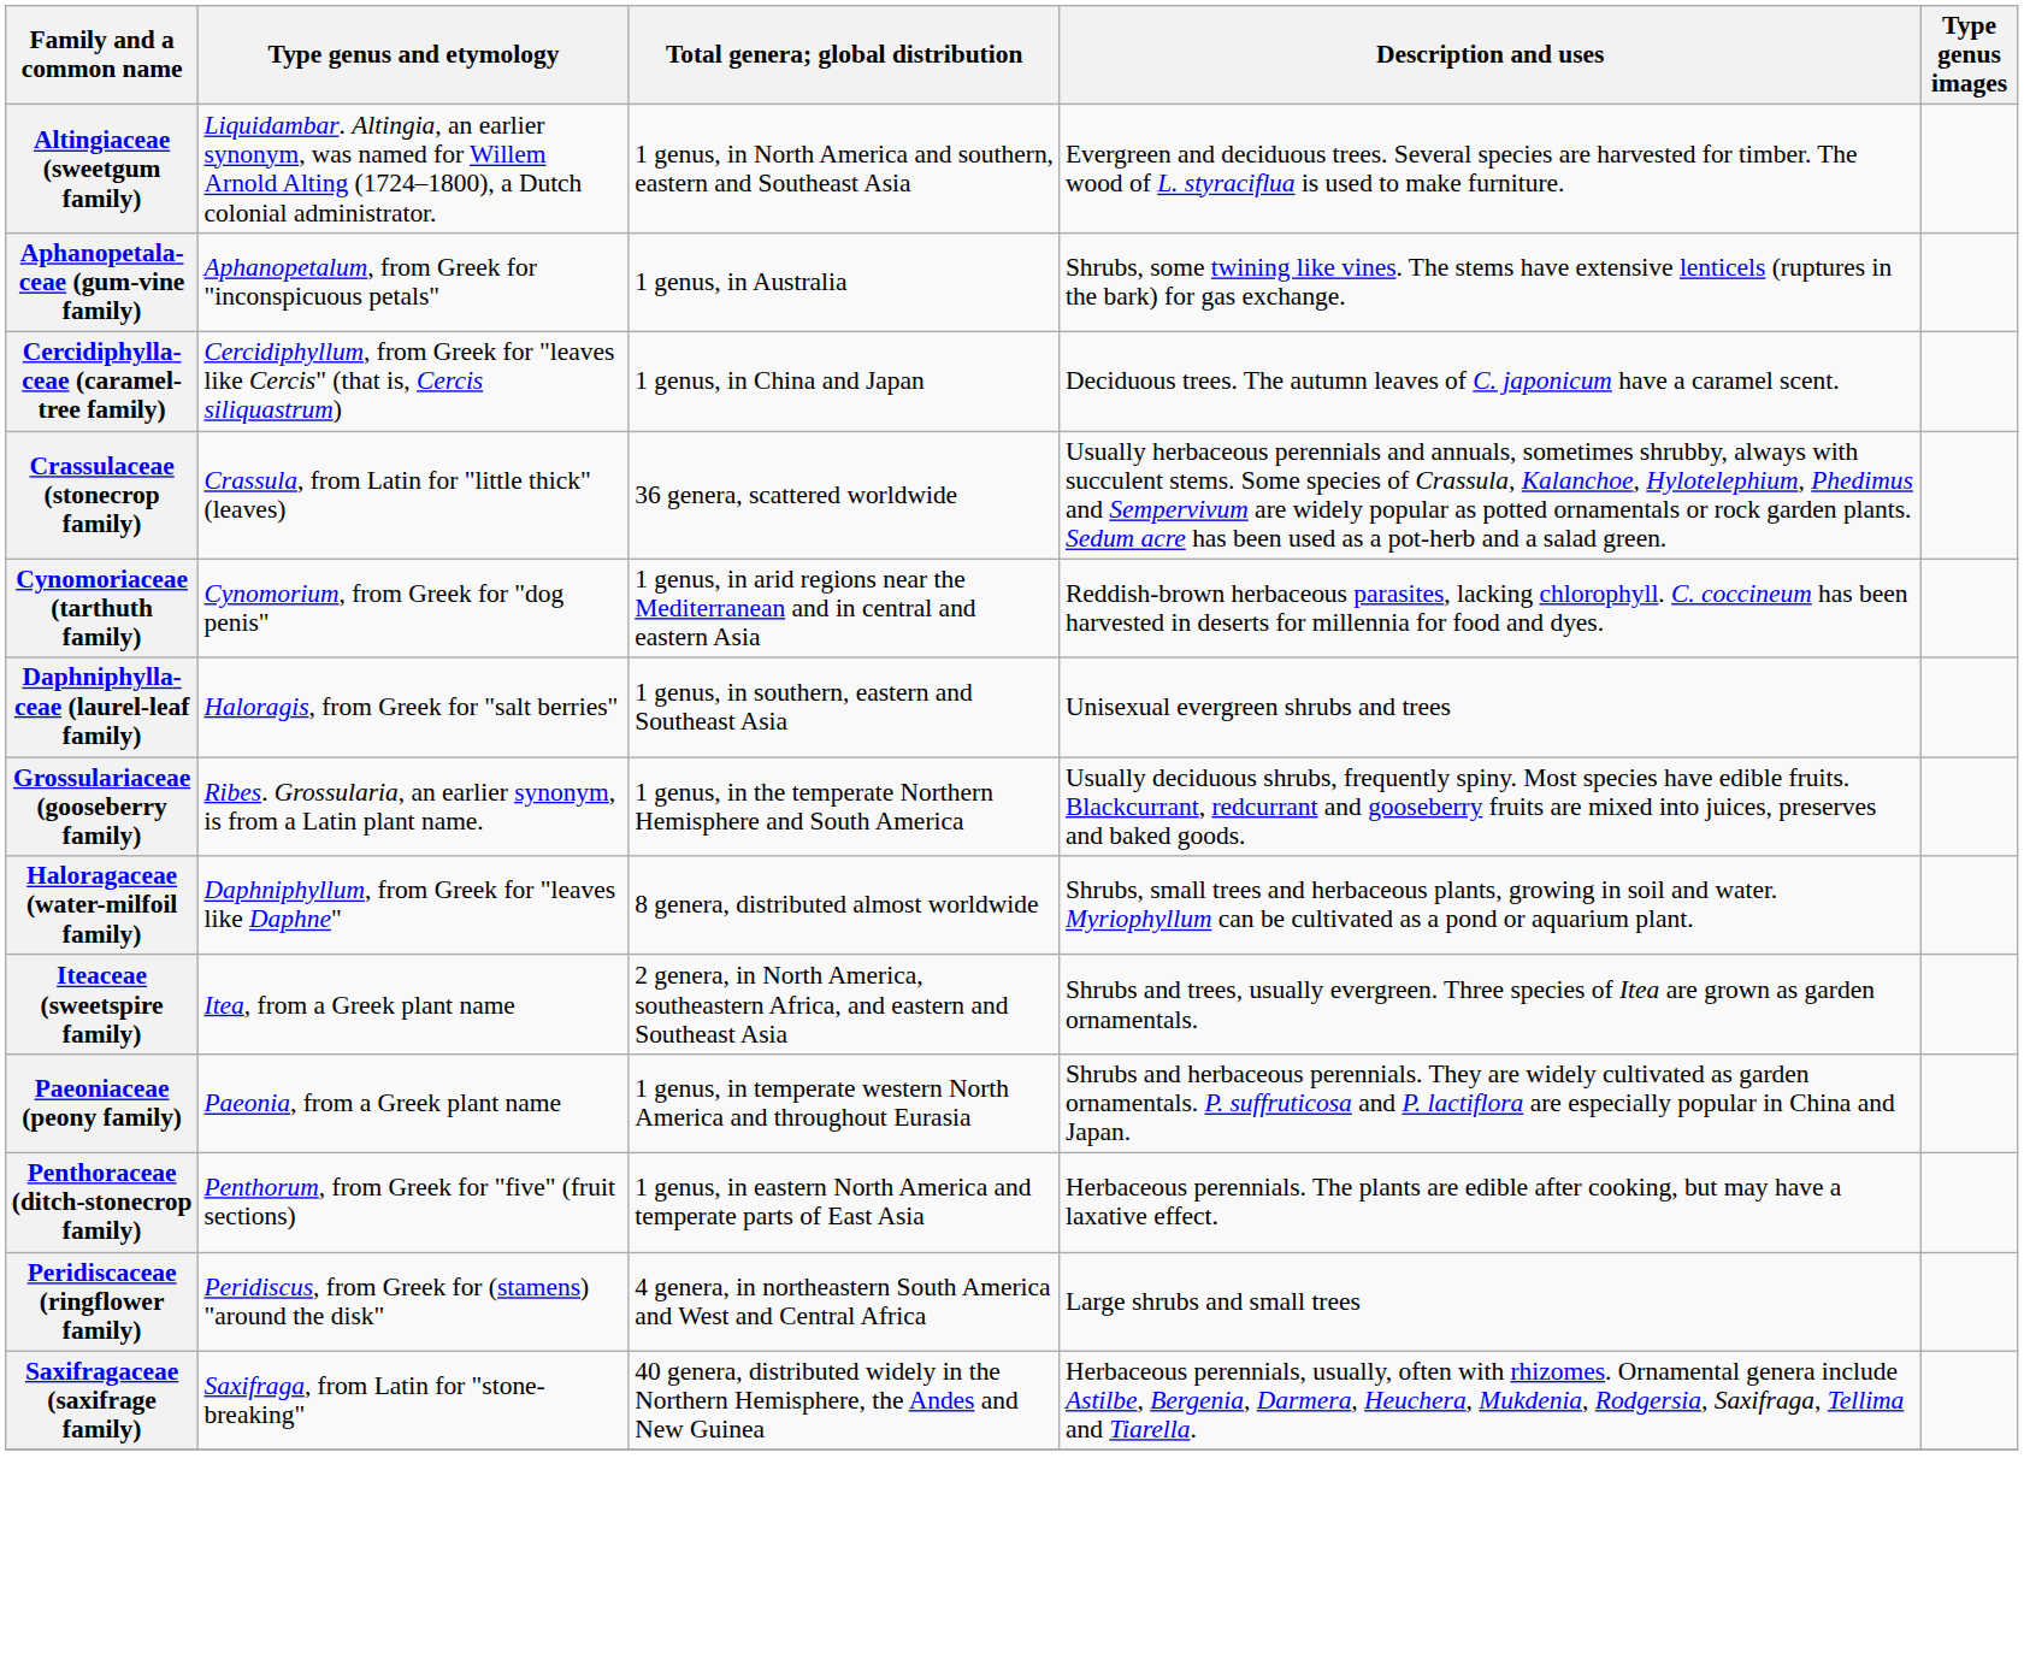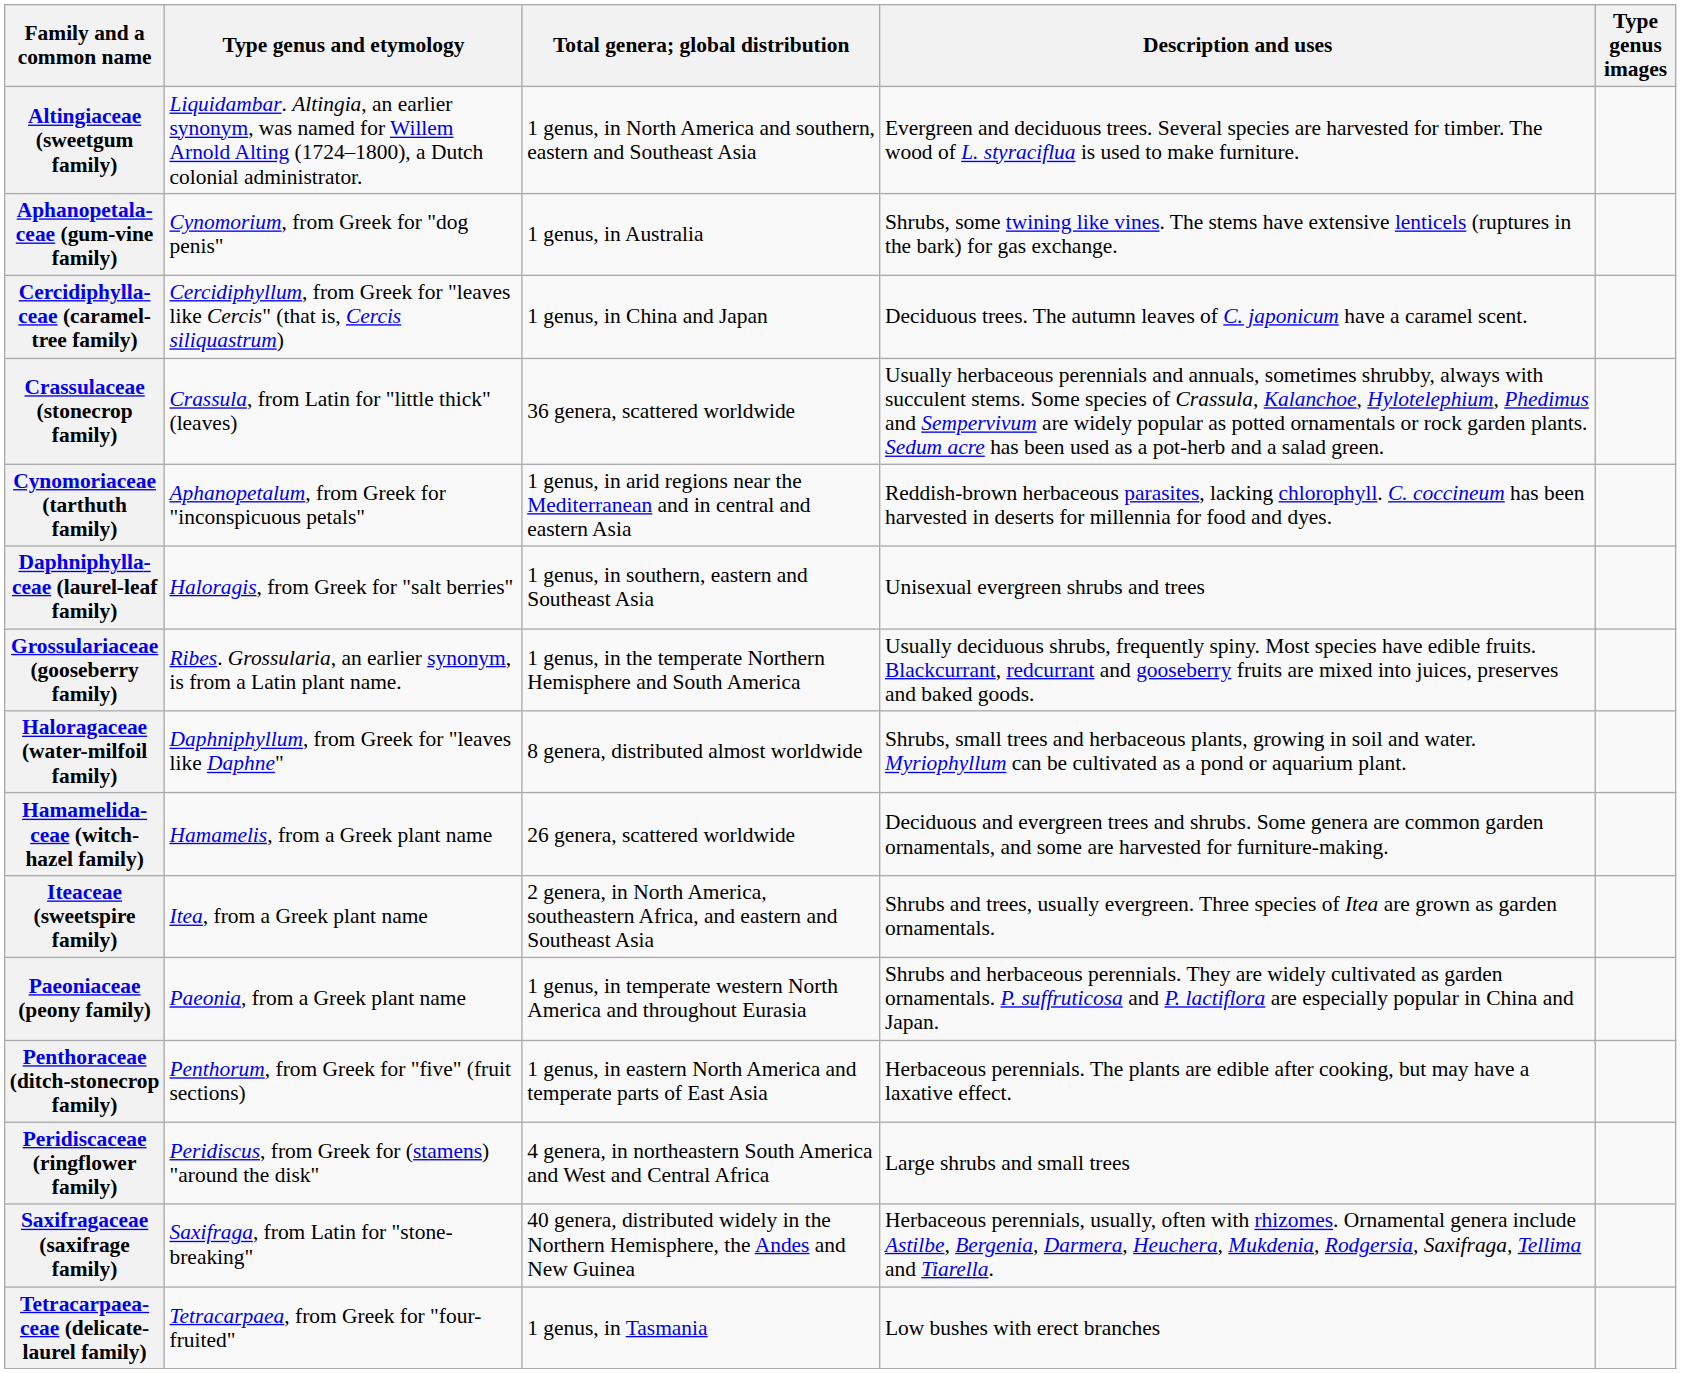 <table class="sortable wikitable plainrowheaders">
 <tr>
 <th scope="col" width="1%">Family and a common name</th>
 <th scope="col" width="15%">Type genus and etymology</th>
 <th scope="col" width="15%">Total genera; global distribution</th>
 <th scope="col" class=unsortable width="30%" style="min-width:160px;">Description and uses</th>
 <th scope="col" width="1%">Type genus images</th>
 </tr>
 <tr>
 <th scope="row"><a href='#'>Altingiaceae</a> (sweetgum family)</th>
 <td><em><a href='#'>Liquidambar</a></em>. <em>Altingia</em>, an earlier <a href='#'>synonym</a>, was named for <a href='#'>Willem Arnold Alting</a> (1724–1800), a Dutch colonial administrator.</td>
 <td>1 genus, in North America and southern, eastern and Southeast Asia</td>
 <td>Evergreen and deciduous trees. Several species are harvested for timber. The wood of <em><a href='#'>L. styraciflua</a></em> is used to make furniture.</td>
 <td></td>
 </tr>
 <tr>
 <th scope="row"><a href='#'>Aphanopetala­ceae</a> (gum-vine family)</th>
-<td><em><a href='#'>Aphanopetalum</a></em>, from Greek for "inconspicuous petals"</td>
+<td><em><a href='#'>Cynomorium</a></em>, from Greek for "dog penis"</td>
 <td>1 genus, in Australia</td>
 <td>Shrubs, some <a href='#'>twining like vines</a>. The stems have extensive <a href='#'>lenticels</a> (ruptures in the bark) for gas exchange.</td>
 <td></td>
 </tr>
 <tr>
 <th scope="row"><a href='#'>Cercidiphylla­ceae</a> (caramel-tree family)</th>
 <td><em><a href='#'>Cercidiphyllum</a></em>, from Greek for "leaves like <em>Cercis</em>" (that is, <em><a href='#'>Cercis siliquastrum</a></em>)</td>
 <td>1 genus, in China and Japan</td>
 <td>Deciduous trees. The autumn leaves of <em><a href='#'>C. japonicum</a></em> have a caramel scent.</td>
 <td></td>
 </tr>
 <tr>
 <th scope="row"><a href='#'>Crassulaceae</a> (stonecrop family)</th>
 <td><em><a href='#'>Crassula</a></em>, from Latin for "little thick" (leaves)</td>
 <td>36 genera, scattered worldwide</td>
 <td>Usually herbaceous perennials and annuals, sometimes shrubby, always with succulent stems. Some species of <em>Crassula, <a href='#'>Kalanchoe</a>, <a href='#'>Hylotelephium</a>, <a href='#'>Phedimus</a></em> and <em><a href='#'>Sempervivum</a></em> are widely popular as potted ornamentals or rock garden plants. <em><a href='#'>Sedum acre</a></em> has been used as a pot-herb and a salad green.</td>
 <td></td>
 </tr>
 <tr>
 <th scope="row"><a href='#'>Cynomoriaceae</a> (tarthuth family)</th>
-<td><em><a href='#'>Cynomorium</a></em>, from Greek for "dog penis"</td>
+<td><em><a href='#'>Aphanopetalum</a></em>, from Greek for "inconspicuous petals"</td>
 <td>1 genus, in arid regions near the <a href='#'>Mediterranean</a> and in central and eastern Asia</td>
 <td>Reddish-brown herbaceous <a href='#'>parasites</a>, lacking <a href='#'>chlorophyll</a>. <em><a href='#'>C. coccineum</a></em> has been harvested in deserts for millennia for food and dyes.</td>
 <td></td>
 </tr>
 <tr>
 <th scope="row"><a href='#'>Daphniphylla­ceae</a> (laurel-leaf family)</th>
 <td><em><a href='#'>Haloragis</a></em>, from Greek for "salt berries"</td>
 <td>1 genus, in southern, eastern and Southeast Asia</td>
 <td>Unisexual evergreen shrubs and trees</td>
 <td></td>
 </tr>
 <tr>
 <th scope="row"><a href='#'>Grossularia­ceae</a> (gooseberry family)</th>
 <td><em><a href='#'>Ribes</a></em>. <em>Grossularia</em>, an earlier <a href='#'>synonym</a>, is from a Latin plant name.</td>
 <td>1 genus, in the temperate Northern Hemisphere and South America</td>
 <td>Usually deciduous shrubs, frequently spiny. Most species have edible fruits. <a href='#'>Blackcurrant</a>, <a href='#'>redcurrant</a> and <a href='#'>gooseberry</a> fruits are mixed into juices, preserves and baked goods.</td>
 <td></td>
 </tr>
 <tr>
 <th scope="row"><a href='#'>Haloragaceae</a> (water-milfoil family)</th>
 <td><em><a href='#'>Daphniphyllum</a></em>, from Greek for "leaves like <em><a href='#'>Daphne</a></em>"</td>
 <td>8 genera, distributed almost worldwide</td>
 <td>Shrubs, small trees and herbaceous plants, growing in soil and water. <em><a href='#'>Myriophyllum</a></em> can be cultivated as a pond or aquarium plant.</td>
+<td></td>
+</tr>
+<tr>
+<th scope="row"><a href='#'>Hamamelida­ceae</a> (witch-hazel family)</th>
+<td><em><a href='#'>Hamamelis</a></em>, from a Greek plant name</td>
+<td>26 genera, scattered worldwide</td>
+<td>Deciduous and evergreen trees and shrubs. Some genera are common garden ornamentals, and some are harvested for furniture-making.</td>
 <td></td>
 </tr>
 <tr>
 <th scope="row"><a href='#'>Iteaceae</a> (sweetspire family)</th>
 <td><em><a href='#'>Itea</a></em>, from a Greek plant name</td>
 <td>2 genera, in North America, southeastern Africa, and eastern and Southeast Asia</td>
 <td>Shrubs and trees, usually evergreen. Three species of <em>Itea</em> are grown as garden ornamentals.</td>
 <td></td>
 </tr>
 <tr>
 <th scope="row"><a href='#'>Paeoniaceae</a> (peony family)</th>
 <td><em><a href='#'>Paeonia</a></em>, from a Greek plant name</td>
 <td>1 genus, in temperate western North America and throughout Eurasia</td>
 <td>Shrubs and herbaceous perennials. They are widely cultivated as garden ornamentals. <em><a href='#'>P. suffruticosa</a></em> and <em><a href='#'>P. lactiflora</a></em> are especially popular in China and Japan.</td>
 <td></td>
 </tr>
 <tr>
 <th scope="row"><a href='#'>Penthoraceae</a> (ditch-stonecrop family)</th>
 <td><em><a href='#'>Penthorum</a></em>, from Greek for "five" (fruit sections)</td>
 <td>1 genus, in eastern North America and temperate parts of East Asia</td>
 <td>Herbaceous perennials. The plants are edible after cooking, but may have a laxative effect.</td>
 <td></td>
 </tr>
 <tr>
 <th scope="row"><a href='#'>Peridiscaceae</a> (ringflower family)</th>
 <td><em><a href='#'>Peridiscus</a></em>, from Greek for (<a href='#'>stamens</a>) "around the disk"</td>
 <td>4 genera, in northeastern South America and West and Central Africa</td>
 <td>Large shrubs and small trees</td>
 <td></td>
 </tr>
 <tr>
 <th scope="row"><a href='#'>Saxifragaceae</a> (saxifrage family)</th>
 <td><em><a href='#'>Saxifraga</a></em>, from Latin for "stone-breaking"</td>
 <td>40 genera, distributed widely in the Northern Hemisphere, the <a href='#'>Andes</a> and New Guinea</td>
 <td>Herbaceous perennials, usually, often with <a href='#'>rhizomes</a>. Ornamental genera include <em><a href='#'>Astilbe</a>, <a href='#'>Bergenia</a>, <a href='#'>Darmera</a>, <a href='#'>Heuchera</a>, <a href='#'>Mukdenia</a>, <a href='#'>Rodgersia</a>, Saxifraga, <a href='#'>Tellima</a></em> and <em><a href='#'>Tiarella</a></em>.</td>
 <td></td>
 </tr>
 <tr>
+<th scope="row"><a href='#'>Tetracarpaea­ceae</a> (delicate-laurel family)</th>
+<td><em><a href='#'>Tetracarpaea</a></em>, from Greek for "four-fruited"</td>
+<td>1 genus, in <a href='#'>Tasmania</a></td>
+<td>Low bushes with erect branches</td>
+<td></td>
+</tr>
+<tr>
 </tr>
 </table>
